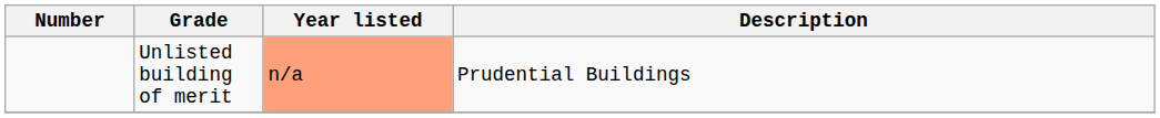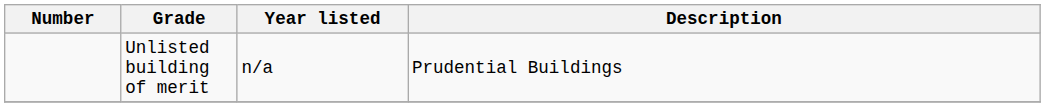 <table class="wikitable sortable" style="width:768px">
 <tr>
 <th width="80px">Number</th>
 <th width="80px">Grade</th>
 <th width="120px">Year listed</th>
 <th width="*">Description</th>
 </tr>
 <tr>
 <td></td>
 <td>Unlisted building of merit</td>
-<td style="background: lightsalmon;">n/a</td>
+<td>n/a</td>
 <td>Prudential Buildings</td>
 </tr>
 <tr>
 </tr>
 </table>
